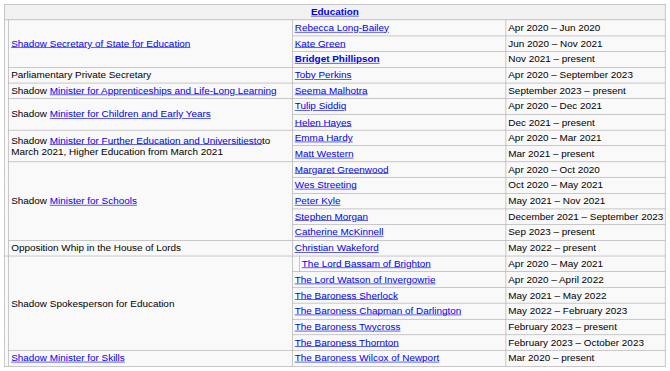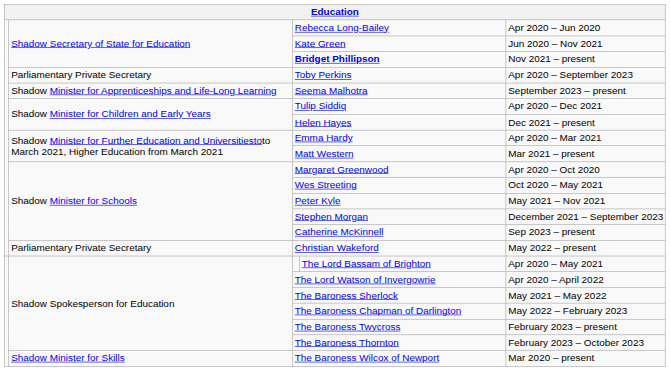 <table class="wikitable">
 <tr>
 <th colspan="5"><a href='#'>Education</a></th>
 </tr>
 <tr>
 <td rowspan="15" style="background: "></td>
 <td rowspan="3" style="width: 450px;"><a href='#'>Shadow Secretary of State for Education</a></td>
 <td colspan="2" style="width: 337px;"><a href='#'>Rebecca Long-Bailey</a></td>
 <td>Apr 2020 – Jun 2020</td>
 </tr>
 <tr>
 <td colspan="2"><a href='#'>Kate Green</a></td>
 <td>Jun 2020 – Nov 2021</td>
 </tr>
 <tr>
 <td colspan="2"><strong><a href='#'>Bridget Phillipson</a></strong></td>
 <td>Nov 2021 – present</td>
 </tr>
 <tr>
 <td>Parliamentary Private Secretary</td>
 <td colspan="2"><a href='#'>Toby Perkins</a></td>
 <td>Apr 2020 – September 2023</td>
 </tr>
 <tr>
 <td>Shadow <a href='#'>Minister for Apprenticeships and Life-Long Learning</a></td>
 <td colspan="2"><a href='#'>Seema Malhotra</a></td>
 <td>September 2023 – present</td>
 </tr>
 <tr>
 <td rowspan="2">Shadow <a href='#'>Minister for Children and Early Years</a></td>
 <td colspan="2"><a href='#'>Tulip Siddiq</a></td>
 <td>Apr 2020 – Dec 2021</td>
 </tr>
 <tr>
 <td colspan="2"><a href='#'>Helen Hayes</a></td>
 <td>Dec 2021 – present</td>
 </tr>
 <tr>
 <td rowspan="2">Shadow <a href='#'>Minister for Further Education and Universitiesto</a>to March 2021, Higher Education from March 2021</td>
 <td colspan="2"><a href='#'>Emma Hardy</a></td>
 <td>Apr 2020 – Mar 2021</td>
 </tr>
 <tr>
 <td colspan="2"><a href='#'>Matt Western</a></td>
 <td>Mar 2021 – present</td>
 </tr>
 <tr>
 <td rowspan="5">Shadow <a href='#'>Minister for Schools</a></td>
 <td colspan="2"><a href='#'>Margaret Greenwood</a></td>
 <td>Apr 2020 – Oct 2020</td>
 </tr>
 <tr>
 <td colspan="2"><a href='#'>Wes Streeting</a></td>
 <td>Oct 2020 – May 2021</td>
 </tr>
 <tr>
 <td colspan="2"><a href='#'>Peter Kyle</a></td>
 <td>May 2021 – Nov 2021</td>
 </tr>
 <tr>
 <td colspan="2"><a href='#'>Stephen Morgan</a></td>
 <td>December 2021 – September 2023</td>
 </tr>
 <tr>
 <td colspan="2"><a href='#'>Catherine McKinnell</a></td>
 <td>Sep 2023 – present</td>
 </tr>
 <tr>
-<td>Opposition Whip in the House of Lords</td>
+<td>Parliamentary Private Secretary</td>
 <td colspan="2"><a href='#'>Christian Wakeford</a></td>
 <td>May 2022 – present</td>
 </tr>
 <tr>
 <td rowspan="7" style="background: "></td>
 <td rowspan="6">Shadow Spokesperson for Education</td>
 <td style="background: "></td>
 <td><a href='#'>The Lord Bassam of Brighton</a></td>
 <td>Apr 2020 – May 2021</td>
 </tr>
 <tr>
 <td colspan="2"><a href='#'>The Lord Watson of Invergowrie</a></td>
 <td>Apr 2020 – April 2022</td>
 </tr>
 <tr>
 <td colspan="2"><a href='#'>The Baroness Sherlock</a></td>
 <td>May 2021 – May 2022</td>
 </tr>
 <tr>
 <td colspan="2"><a href='#'>The Baroness Chapman of Darlington</a></td>
 <td>May 2022 – February 2023</td>
 </tr>
 <tr>
 <td colspan="2"><a href='#'>The Baroness Twycross</a></td>
 <td>February 2023 – present</td>
 </tr>
 <tr>
 <td colspan="2"><a href='#'>The Baroness Thornton</a></td>
 <td>February 2023 – October 2023</td>
 </tr>
 <tr>
 <td><a href='#'>Shadow Minister for Skills</a></td>
 <td colspan="2"><a href='#'>The Baroness Wilcox of Newport</a></td>
 <td>Mar 2020 – present</td>
 </tr>
 </table>
